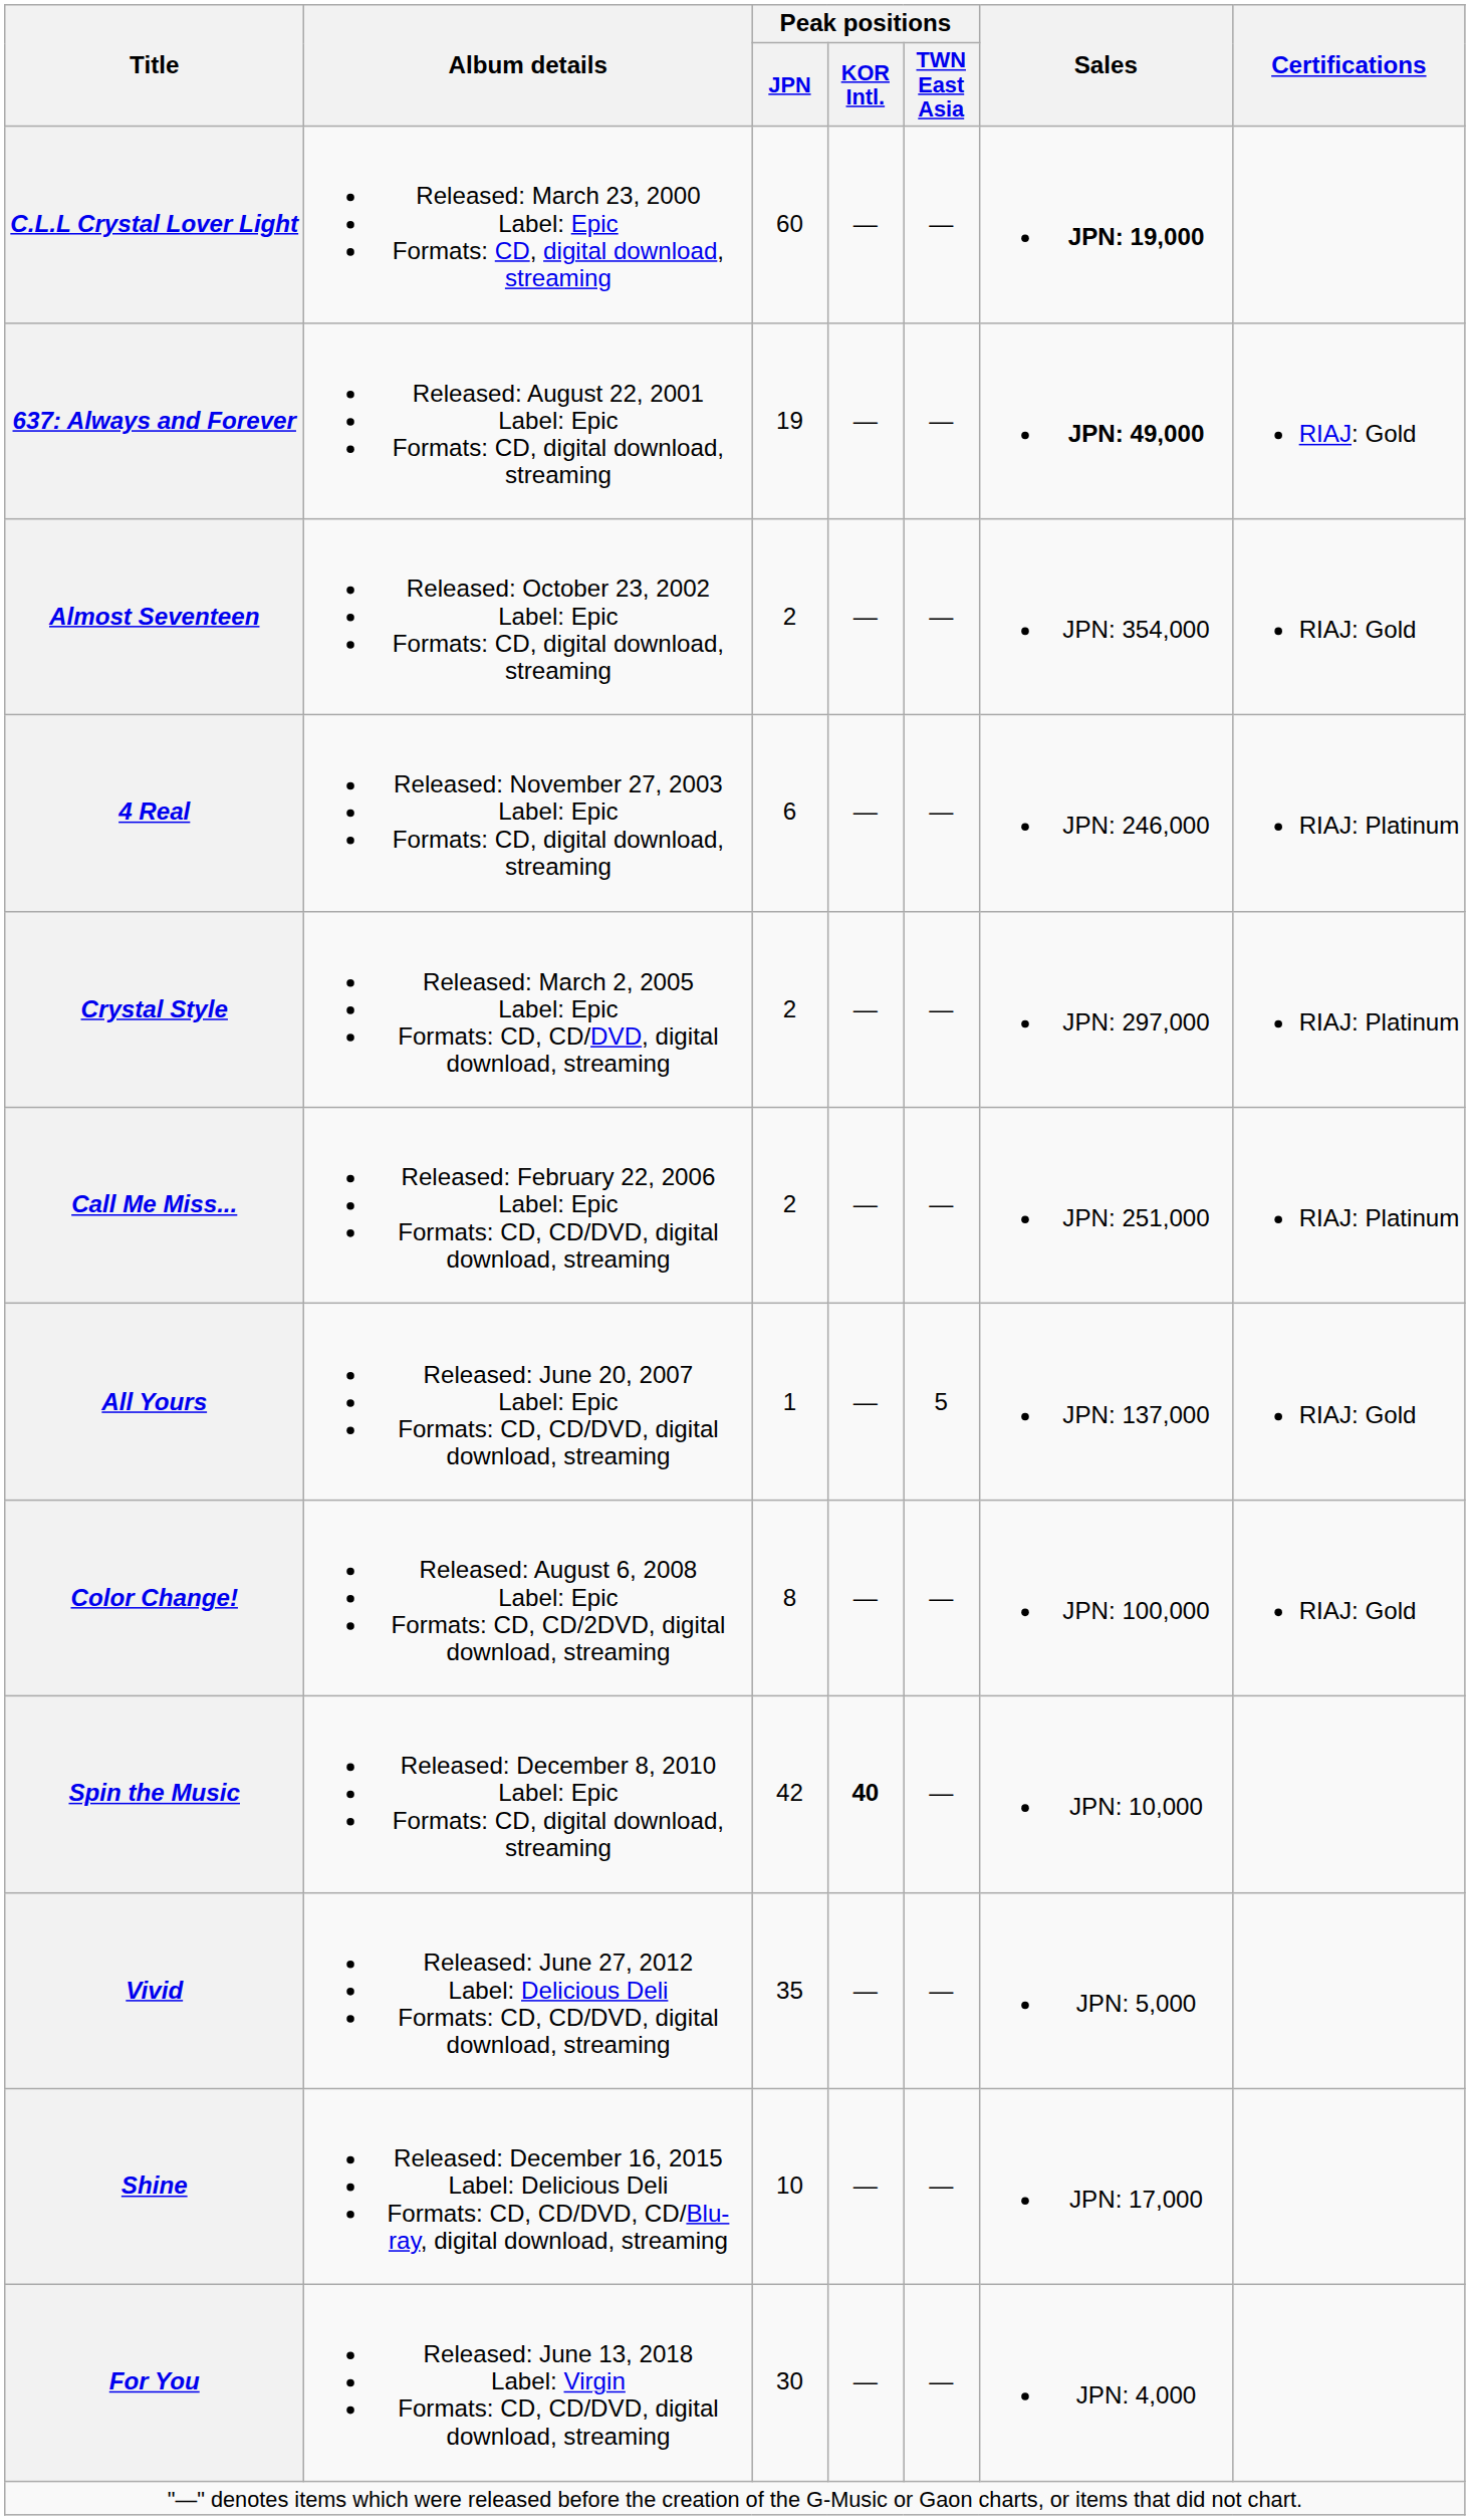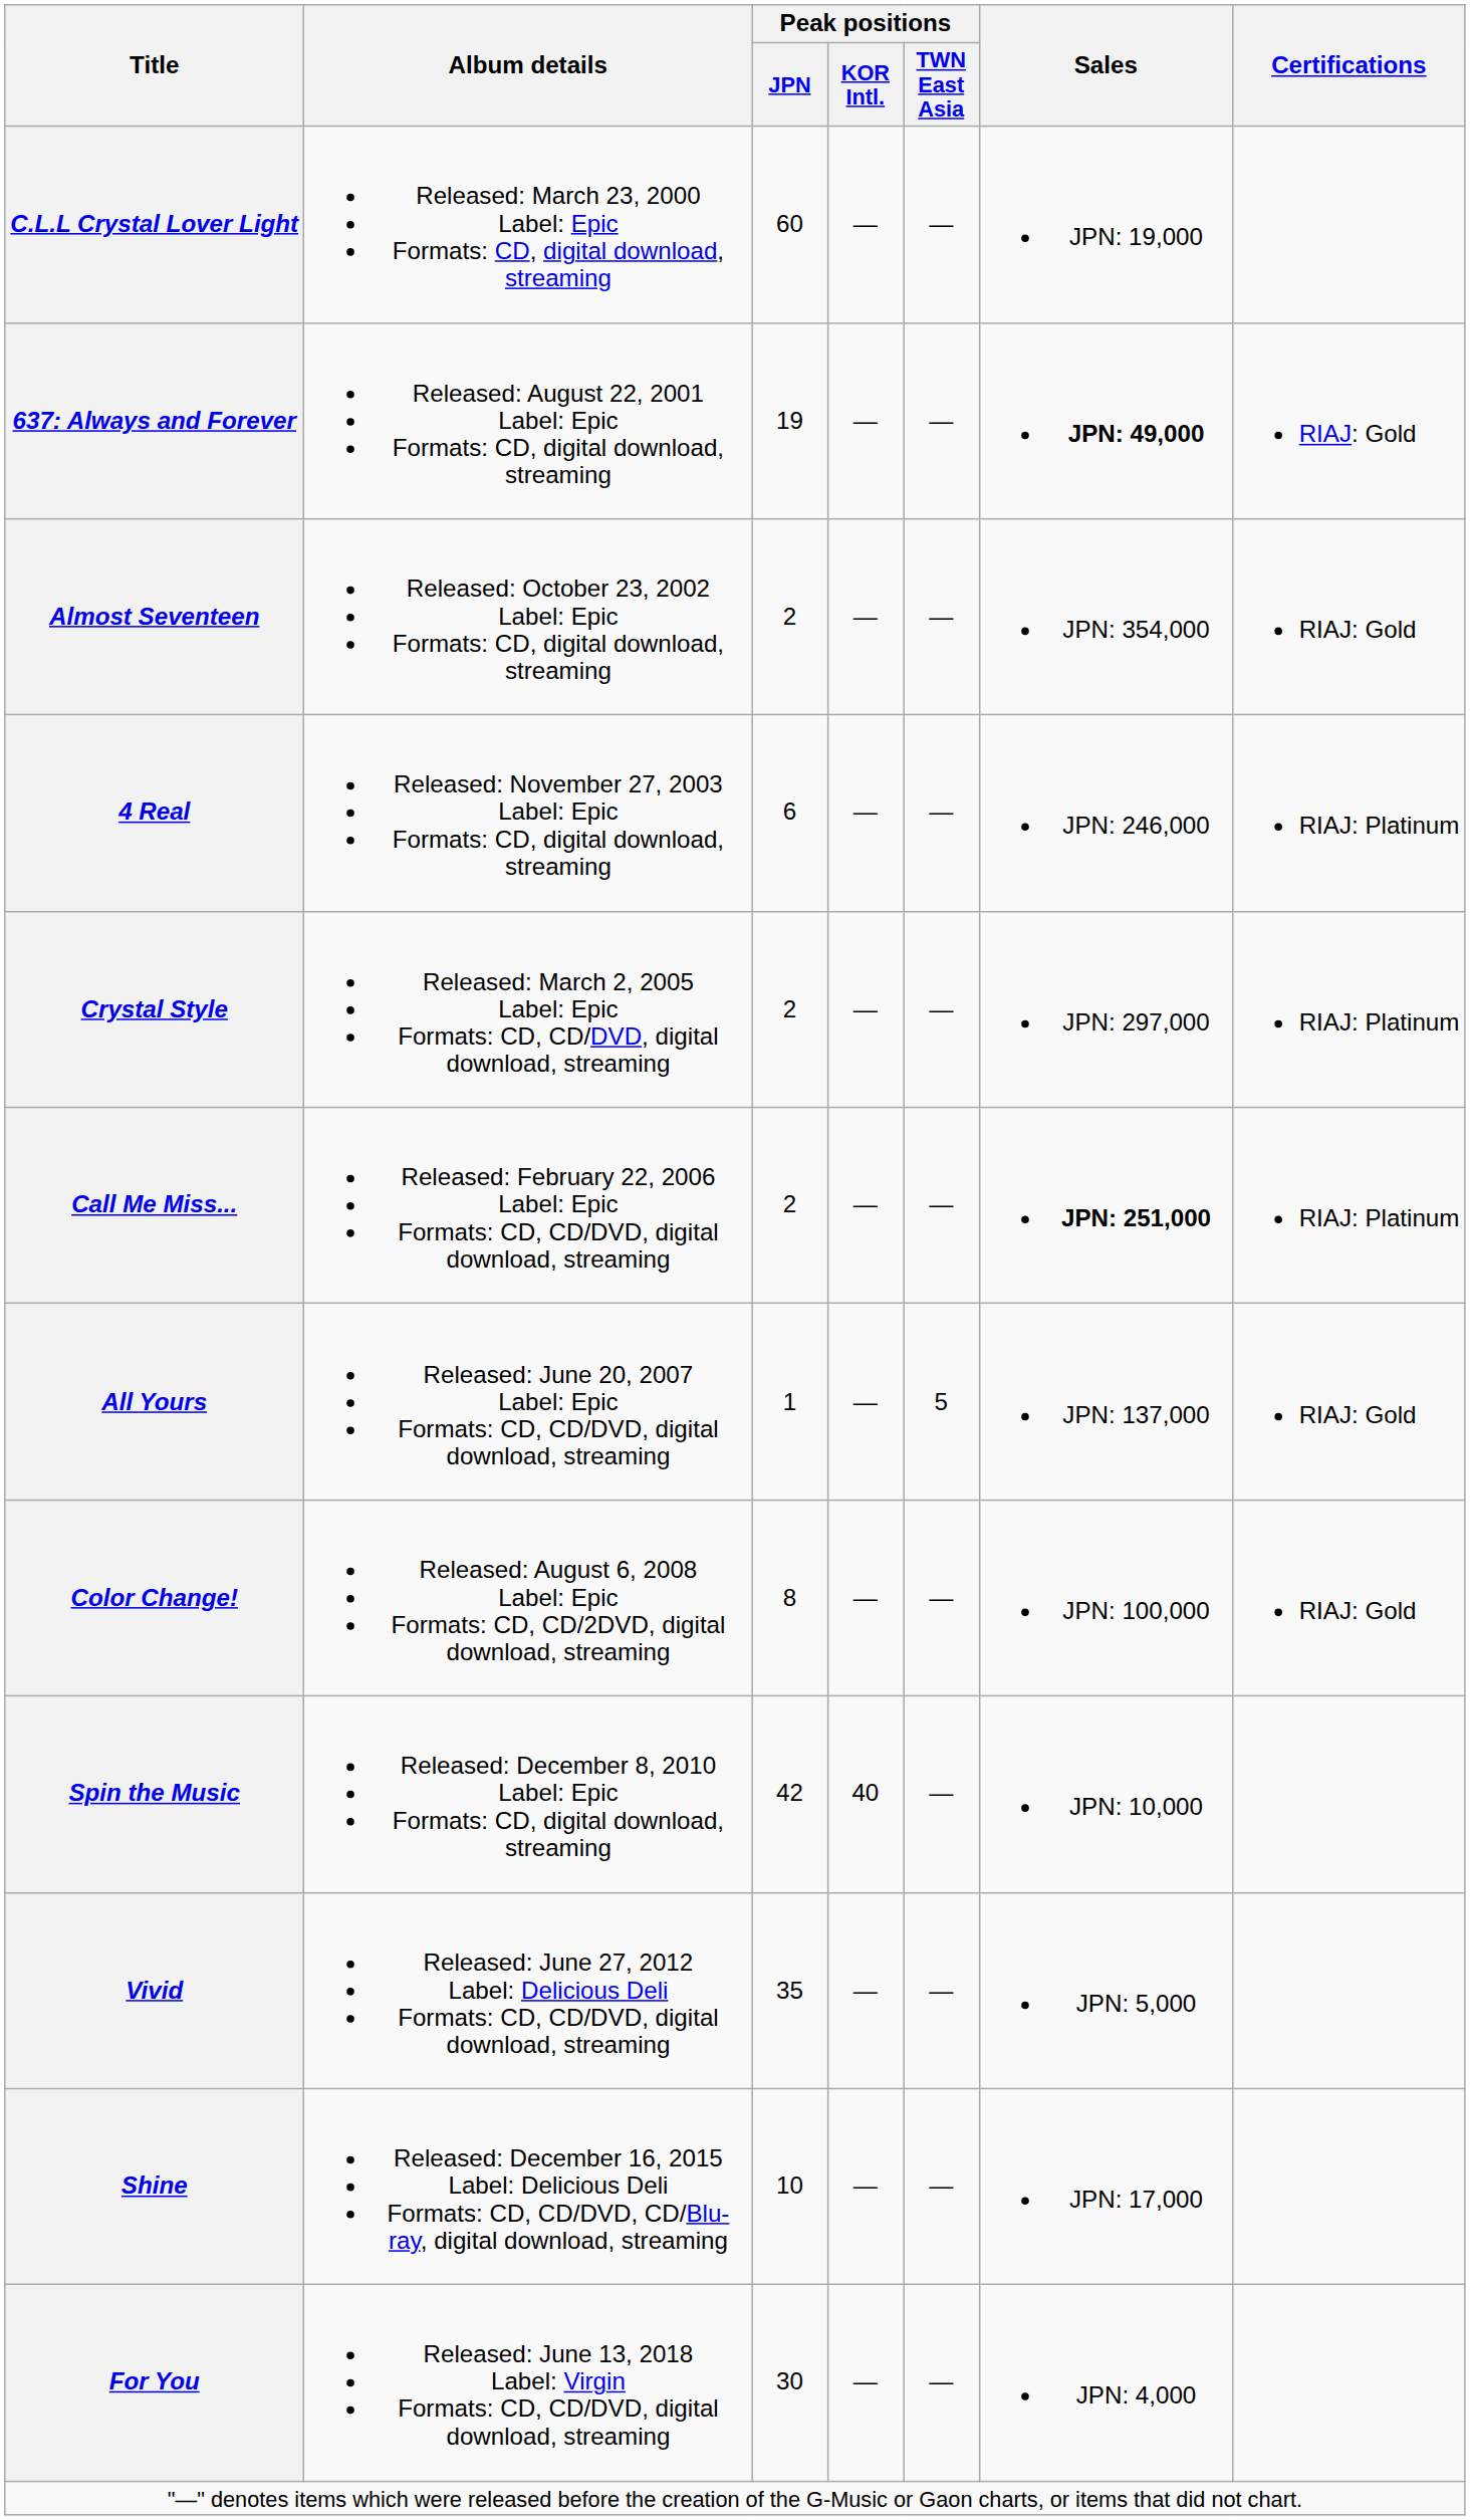 <table class="wikitable plainrowheaders" style="text-align:center;">
 <tr>
 <th rowspan="2">Title</th>
 <th style="width:18em;" rowspan="2">Album details</th>
 <th colspan="3">Peak positions</th>
 <th style="width:10em;" rowspan="2">Sales</th>
 <th rowspan="2"><a href='#'>Certifications</a></th>
 </tr>
 <tr>
 <th scope="col" style="width:3em;font-size:90%;"><a href='#'>JPN</a><br></th>
 <th scope="col" style="width:3em;font-size:90%;"><a href='#'>KOR Intl.</a><br></th>
 <th scope="col" style="width:3em;font-size:90%;"><a href='#'>TWN East Asia</a><br></th>
 </tr>
 <tr>
 <th scope="row"><em><a href='#'>C.L.L Crystal Lover Light</a></em></th>
 <td><br><ul><li>Released: March 23, 2000 </li><li>Label: <a href='#'>Epic</a></li><li>Formats: <a href='#'>CD</a>, <a href='#'>digital download</a>, <a href='#'>streaming</a></li></ul></td>
 <td>60</td>
 <td>—</td>
 <td>—</td>
-<td><strong><br><ul><li>JPN: 19,000</li></ul></strong></td>
+<td><br><ul><li>JPN: 19,000</li></ul></td>
 <td align="left"></td>
 </tr>
 <tr>
 <th scope="row"><em><a href='#'>637: Always and Forever</a></em></th>
 <td><br><ul><li>Released: August 22, 2001 </li><li>Label: Epic</li><li>Formats: CD, digital download, streaming</li></ul></td>
 <td>19</td>
 <td>—</td>
 <td>—</td>
 <td><strong><br><ul><li>JPN: 49,000</li></ul></strong></td>
 <td align="left"><br><ul><li><a href='#'>RIAJ</a>: Gold</li></ul></td>
 </tr>
 <tr>
 <th scope="row"><em><a href='#'>Almost Seventeen</a></em></th>
 <td><br><ul><li>Released: October 23, 2002 </li><li>Label: Epic</li><li>Formats: CD, digital download, streaming</li></ul></td>
 <td>2</td>
 <td>—</td>
 <td>—</td>
 <td><br><ul><li>JPN: 354,000</li></ul></td>
 <td align="left"><br><ul><li>RIAJ: Gold</li></ul></td>
 </tr>
 <tr>
 <th scope="row"><em><a href='#'>4 Real</a></em></th>
 <td><br><ul><li>Released: November 27, 2003 </li><li>Label: Epic</li><li>Formats: CD, digital download, streaming</li></ul></td>
 <td>6</td>
 <td>—</td>
 <td>—</td>
 <td><br><ul><li>JPN: 246,000</li></ul></td>
 <td align="left"><br><ul><li>RIAJ: Platinum</li></ul></td>
 </tr>
 <tr>
 <th scope="row"><em><a href='#'>Crystal Style</a></em></th>
 <td><br><ul><li>Released: March 2, 2005 </li><li>Label: Epic</li><li>Formats: CD, CD/<a href='#'>DVD</a>, digital download, streaming</li></ul></td>
 <td>2</td>
 <td>—</td>
 <td>—</td>
 <td><br><ul><li>JPN: 297,000</li></ul></td>
 <td align="left"><br><ul><li>RIAJ: Platinum</li></ul></td>
 </tr>
 <tr>
 <th scope="row"><em><a href='#'>Call Me Miss...</a></em></th>
 <td><br><ul><li>Released: February 22, 2006 </li><li>Label: Epic</li><li>Formats: CD, CD/DVD, digital download, streaming</li></ul></td>
 <td>2</td>
 <td>—</td>
 <td>—</td>
-<td><br><ul><li>JPN: 251,000</li></ul></td>
+<td><strong><br><ul><li>JPN: 251,000</li></ul></strong></td>
 <td align="left"><br><ul><li>RIAJ: Platinum</li></ul></td>
 </tr>
 <tr>
 <th scope="row"><em><a href='#'>All Yours</a></em></th>
 <td><br><ul><li>Released: June 20, 2007 </li><li>Label: Epic</li><li>Formats: CD, CD/DVD, digital download, streaming</li></ul></td>
 <td>1</td>
 <td>—</td>
 <td>5</td>
 <td><br><ul><li>JPN: 137,000</li></ul></td>
 <td align="left"><br><ul><li>RIAJ: Gold</li></ul></td>
 </tr>
 <tr>
 <th scope="row"><em><a href='#'>Color Change!</a></em></th>
 <td><br><ul><li>Released: August 6, 2008 </li><li>Label: Epic</li><li>Formats: CD, CD/2DVD, digital download, streaming</li></ul></td>
 <td>8</td>
 <td>—</td>
 <td>—</td>
 <td><br><ul><li>JPN: 100,000</li></ul></td>
 <td align="left"><br><ul><li>RIAJ: Gold</li></ul></td>
 </tr>
 <tr>
 <th scope="row"><em><a href='#'>Spin the Music</a></em></th>
 <td><br><ul><li>Released: December 8, 2010 </li><li>Label: Epic</li><li>Formats: CD, digital download, streaming</li></ul></td>
 <td>42</td>
-<td><strong>40</strong></td>
+<td>40</td>
 <td>—</td>
 <td><br><ul><li>JPN: 10,000</li></ul></td>
 <td align="left"></td>
 </tr>
 <tr>
 <th scope="row"><em><a href='#'>Vivid</a></em></th>
 <td><br><ul><li>Released: June 27, 2012</li><li>Label: <a href='#'>Delicious Deli</a></li><li>Formats: CD, CD/DVD, digital download, streaming</li></ul></td>
 <td>35</td>
 <td>—</td>
 <td>—</td>
 <td><br><ul><li>JPN: 5,000</li></ul></td>
 <td align="left"></td>
 </tr>
 <tr>
 <th scope="row"><em><a href='#'>Shine</a></em></th>
 <td><br><ul><li>Released: December 16, 2015</li><li>Label: Delicious Deli</li><li>Formats: CD, CD/DVD, CD/<a href='#'>Blu-ray</a>, digital download, streaming</li></ul></td>
 <td>10</td>
 <td>—</td>
 <td>—</td>
 <td><br><ul><li>JPN: 17,000</li></ul></td>
 <td align="left"></td>
 </tr>
 <tr>
 <th scope="row"><em><a href='#'>For You</a></em></th>
 <td><br><ul><li>Released: June 13, 2018</li><li>Label: <a href='#'>Virgin</a></li><li>Formats: CD, CD/DVD, digital download, streaming</li></ul></td>
 <td>30</td>
 <td>—</td>
 <td>—</td>
 <td><br><ul><li>JPN: 4,000</li></ul></td>
 <td align="left"></td>
 </tr>
 <tr>
 <td colspan="8" align="center" style="font-size:90%;">"—" denotes items which were released before the creation of the G-Music or Gaon charts, or items that did not chart.</td>
 </tr>
 </table>
